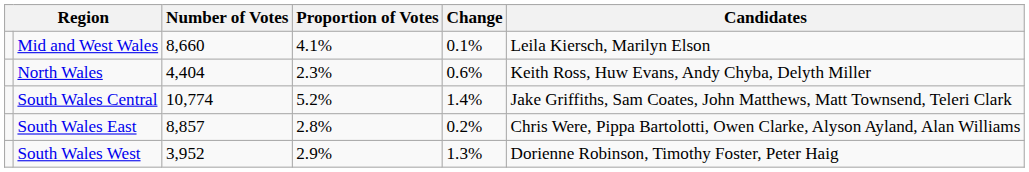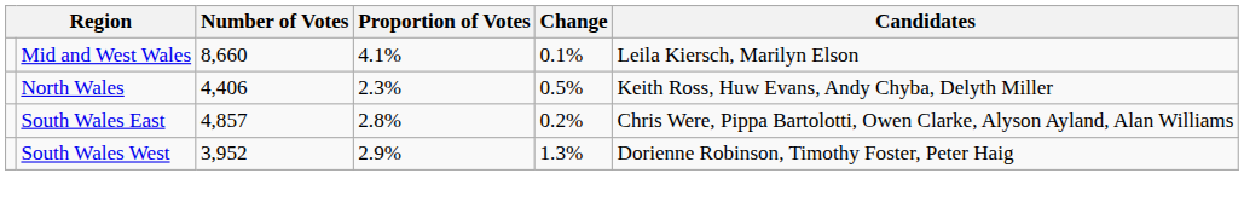 <table class="wikitable">
 <tr>
 <th colspan="2">Region</th>
 <th>Number of Votes</th>
 <th>Proportion of Votes</th>
 <th>Change</th>
 <th>Candidates</th>
 </tr>
 <tr>
 <td width="1" style="color:inherit;background:"></td>
 <td><a href='#'>Mid and West Wales</a></td>
 <td>8,660</td>
 <td>4.1%</td>
 <td> 0.1%</td>
 <td>Leila Kiersch, Marilyn Elson</td>
 </tr>
 <tr>
 <td style="color:inherit;background:"></td>
 <td><a href='#'>North Wales</a></td>
-<td>4,404</td>
+<td>4,406</td>
 <td>2.3%</td>
-<td> 0.6%</td>
+<td> 0.5%</td>
 <td>Keith Ross, Huw Evans, Andy Chyba, Delyth Miller</td>
 </tr>
 <tr>
 <td style="color:inherit;background:"></td>
-<td><a href='#'>South Wales Central</a></td>
-<td>10,774</td>
-<td>5.2%</td>
-<td> 1.4%</td>
-<td>Jake Griffiths, Sam Coates, John Matthews, Matt Townsend, Teleri Clark</td>
-</tr>
-<tr>
-<td style="color:inherit;background:"></td>
 <td><a href='#'>South Wales East</a></td>
-<td>8,857</td>
+<td>4,857</td>
 <td>2.8%</td>
 <td> 0.2%</td>
 <td>Chris Were, Pippa Bartolotti, Owen Clarke, Alyson Ayland, Alan Williams</td>
 </tr>
 <tr>
 <td style="color:inherit;background:"></td>
 <td><a href='#'>South Wales West</a></td>
 <td>3,952</td>
 <td>2.9%</td>
 <td> 1.3%</td>
 <td>Dorienne Robinson, Timothy Foster, Peter Haig</td>
 </tr>
 </table>
